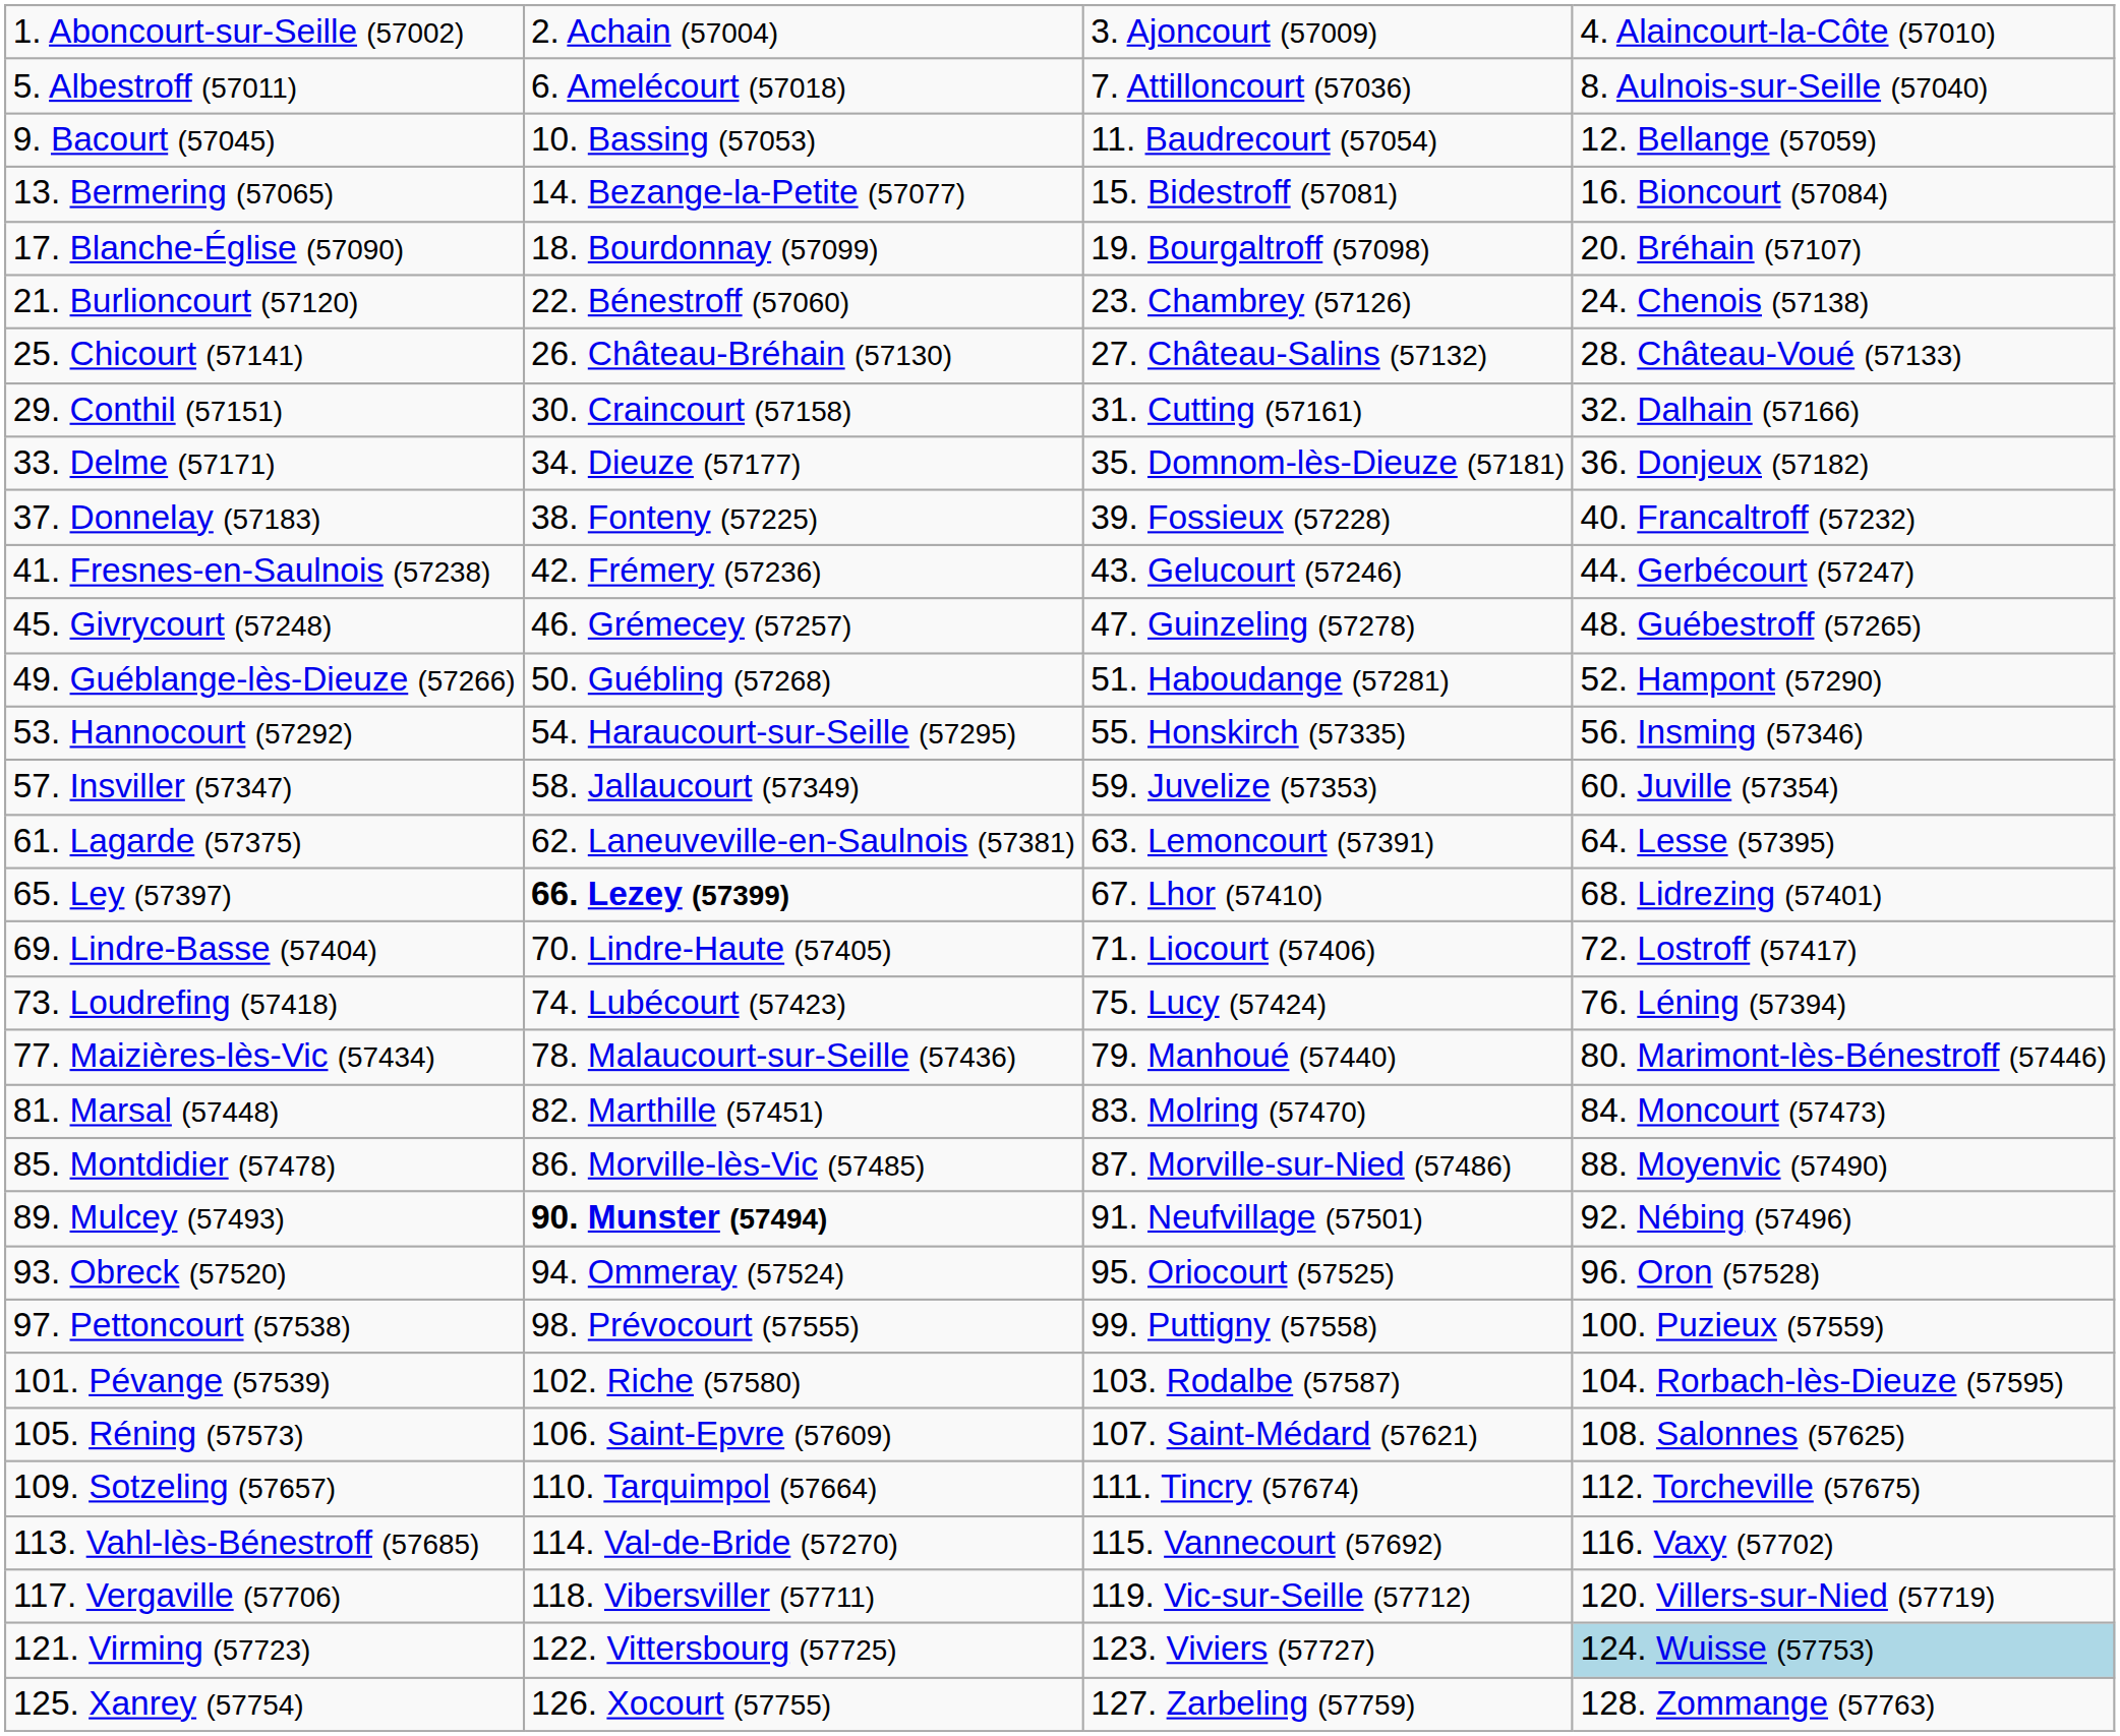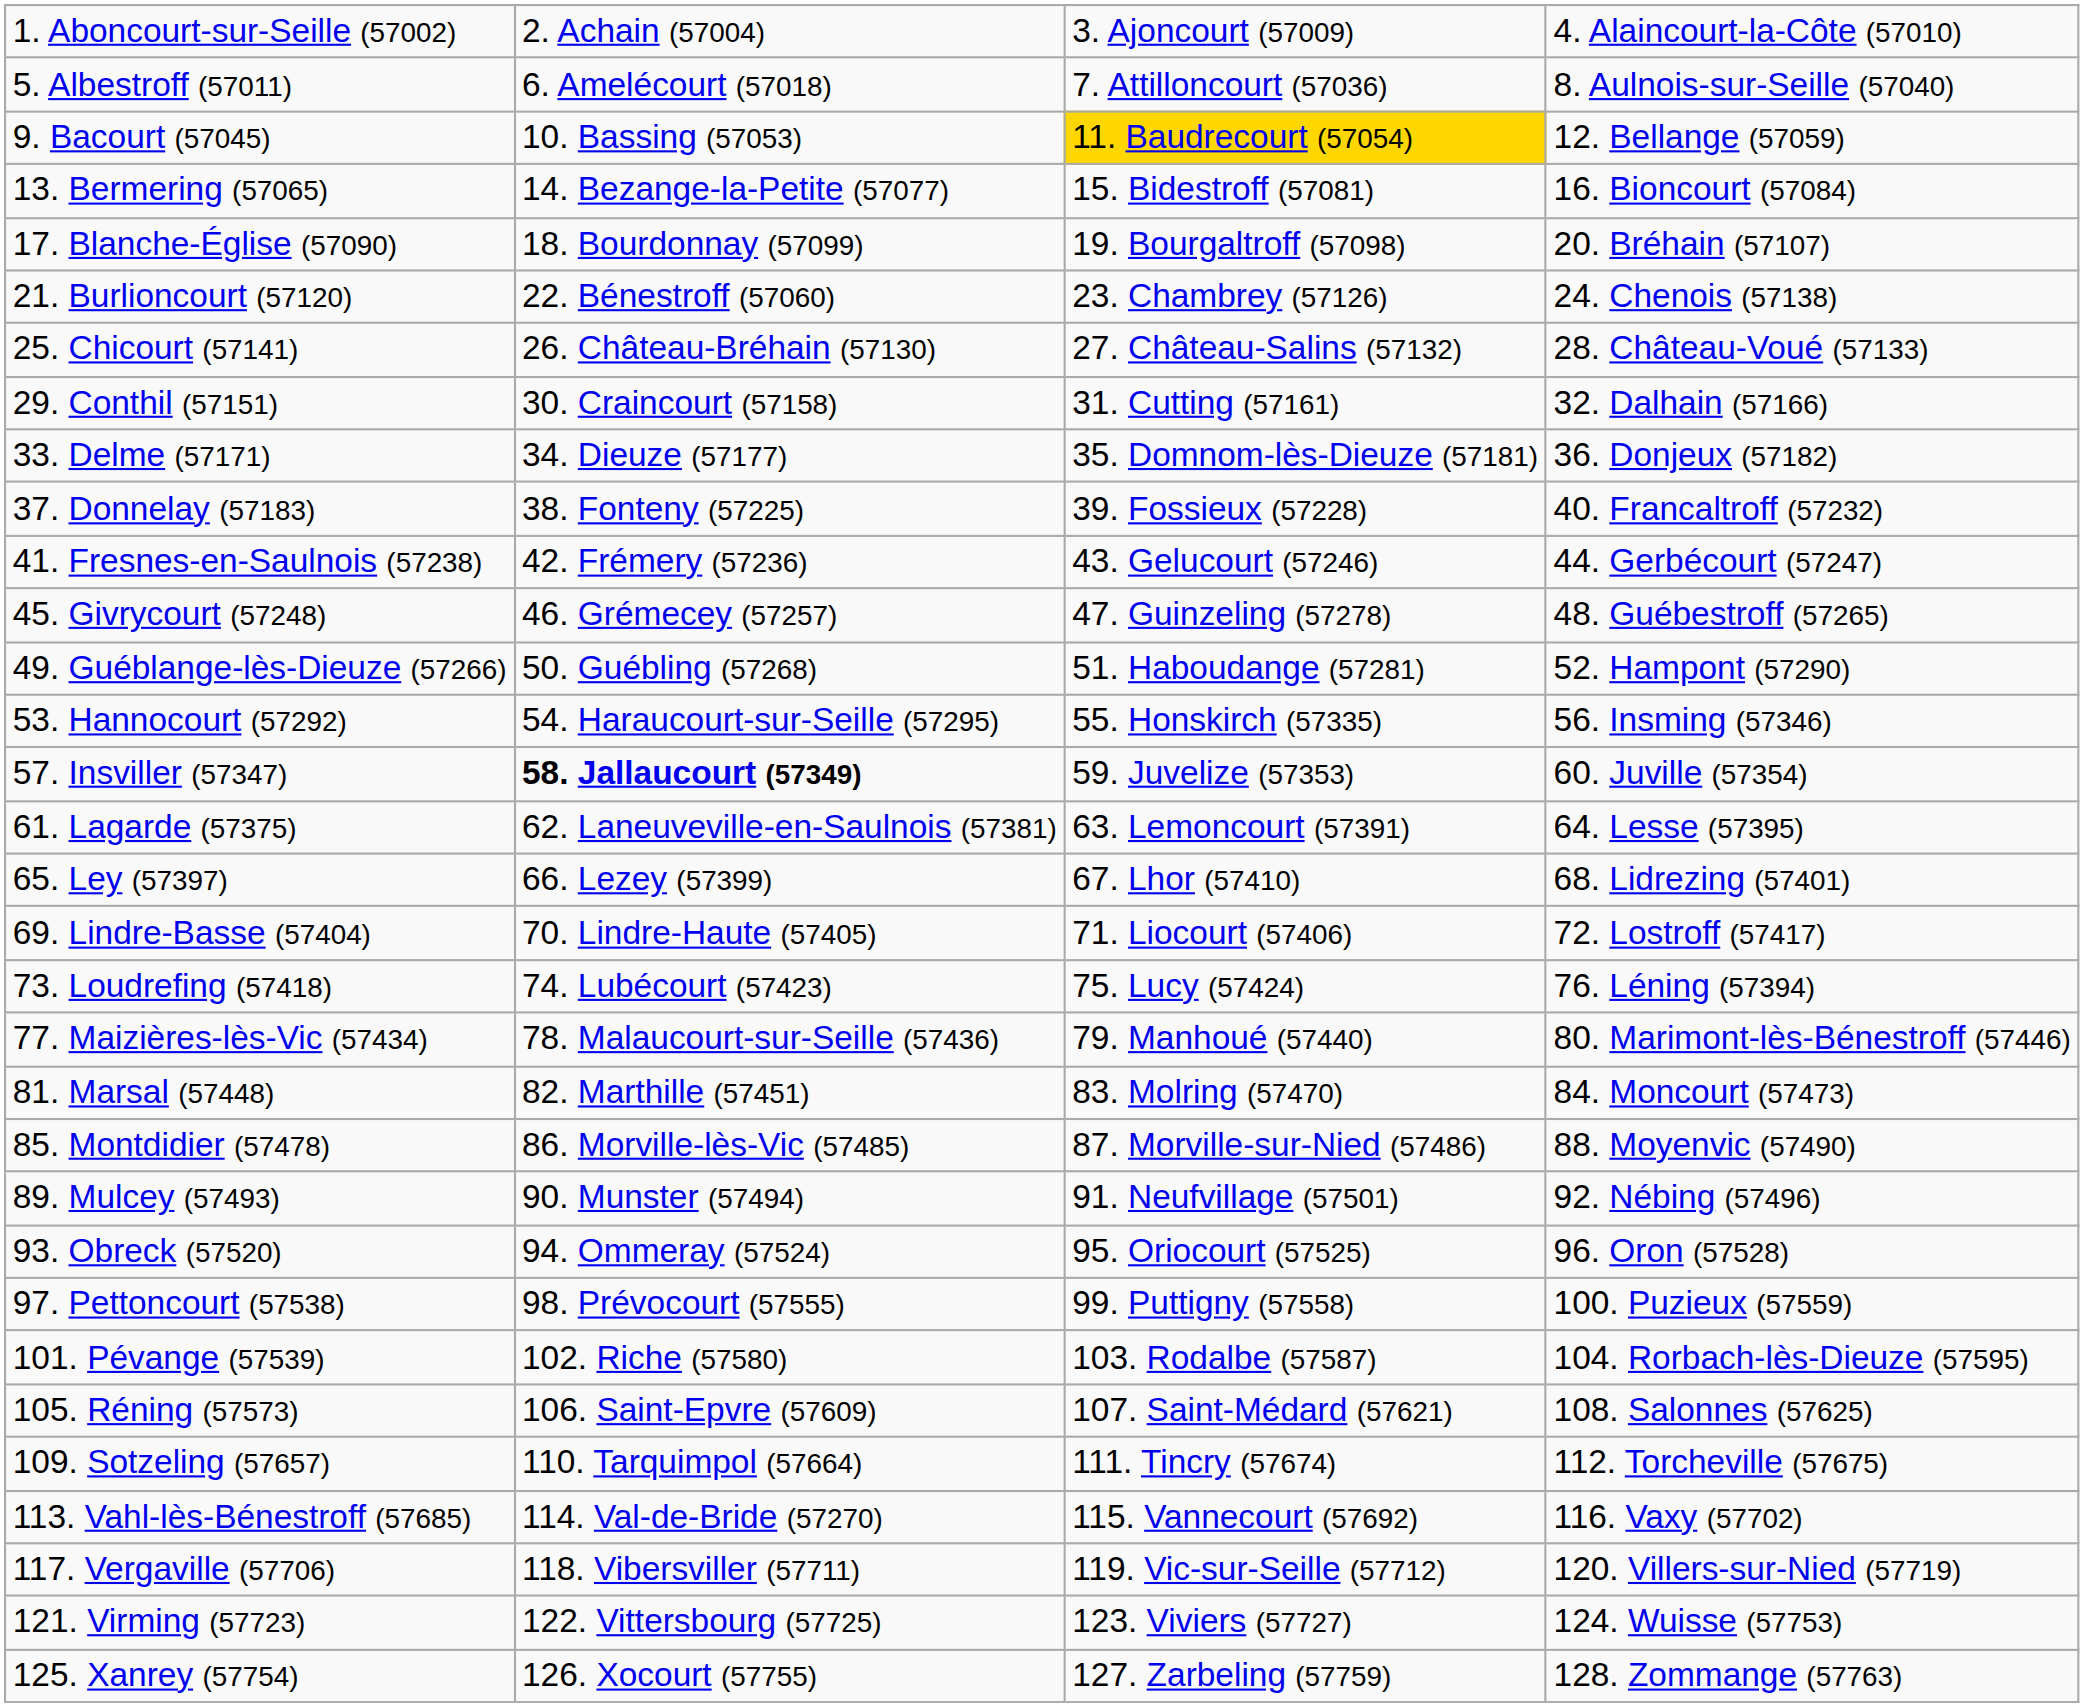 <table class="wikitable">
 <tr>
 <td>1. <a href='#'>Aboncourt-sur-Seille</a> <small>(57002)</small></td>
 <td>2. <a href='#'>Achain</a> <small>(57004)</small></td>
 <td>3. <a href='#'>Ajoncourt</a> <small>(57009)</small></td>
 <td>4. <a href='#'>Alaincourt-la-Côte</a> <small>(57010)</small></td>
 </tr>
 <tr>
 <td>5. <a href='#'>Albestroff</a> <small>(57011)</small></td>
 <td>6. <a href='#'>Amelécourt</a> <small>(57018)</small></td>
 <td>7. <a href='#'>Attilloncourt</a> <small>(57036)</small></td>
 <td>8. <a href='#'>Aulnois-sur-Seille</a> <small>(57040)</small></td>
 </tr>
 <tr>
 <td>9. <a href='#'>Bacourt</a> <small>(57045)</small></td>
 <td>10. <a href='#'>Bassing</a> <small>(57053)</small></td>
-<td>11. <a href='#'>Baudrecourt</a> <small>(57054)</small></td>
+<td style="background: gold;">11. <a href='#'>Baudrecourt</a> <small>(57054)</small></td>
 <td>12. <a href='#'>Bellange</a> <small>(57059)</small></td>
 </tr>
 <tr>
 <td>13. <a href='#'>Bermering</a> <small>(57065)</small></td>
 <td>14. <a href='#'>Bezange-la-Petite</a> <small>(57077)</small></td>
 <td>15. <a href='#'>Bidestroff</a> <small>(57081)</small></td>
 <td>16. <a href='#'>Bioncourt</a> <small>(57084)</small></td>
 </tr>
 <tr>
 <td>17. <a href='#'>Blanche-Église</a> <small>(57090)</small></td>
 <td>18. <a href='#'>Bourdonnay</a> <small>(57099)</small></td>
 <td>19. <a href='#'>Bourgaltroff</a> <small>(57098)</small></td>
 <td>20. <a href='#'>Bréhain</a> <small>(57107)</small></td>
 </tr>
 <tr>
 <td>21. <a href='#'>Burlioncourt</a> <small>(57120)</small></td>
 <td>22. <a href='#'>Bénestroff</a> <small>(57060)</small></td>
 <td>23. <a href='#'>Chambrey</a> <small>(57126)</small></td>
 <td>24. <a href='#'>Chenois</a> <small>(57138)</small></td>
 </tr>
 <tr>
 <td>25. <a href='#'>Chicourt</a> <small>(57141)</small></td>
 <td>26. <a href='#'>Château-Bréhain</a> <small>(57130)</small></td>
 <td>27. <a href='#'>Château-Salins</a> <small>(57132)</small></td>
 <td>28. <a href='#'>Château-Voué</a> <small>(57133)</small></td>
 </tr>
 <tr>
 <td>29. <a href='#'>Conthil</a> <small>(57151)</small></td>
 <td>30. <a href='#'>Craincourt</a> <small>(57158)</small></td>
 <td>31. <a href='#'>Cutting</a> <small>(57161)</small></td>
 <td>32. <a href='#'>Dalhain</a> <small>(57166)</small></td>
 </tr>
 <tr>
 <td>33. <a href='#'>Delme</a> <small>(57171)</small></td>
 <td>34. <a href='#'>Dieuze</a> <small>(57177)</small></td>
 <td>35. <a href='#'>Domnom-lès-Dieuze</a> <small>(57181)</small></td>
 <td>36. <a href='#'>Donjeux</a> <small>(57182)</small></td>
 </tr>
 <tr>
 <td>37. <a href='#'>Donnelay</a> <small>(57183)</small></td>
 <td>38. <a href='#'>Fonteny</a> <small>(57225)</small></td>
 <td>39. <a href='#'>Fossieux</a> <small>(57228)</small></td>
 <td>40. <a href='#'>Francaltroff</a> <small>(57232)</small></td>
 </tr>
 <tr>
 <td>41. <a href='#'>Fresnes-en-Saulnois</a> <small>(57238)</small></td>
 <td>42. <a href='#'>Frémery</a> <small>(57236)</small></td>
 <td>43. <a href='#'>Gelucourt</a> <small>(57246)</small></td>
 <td>44. <a href='#'>Gerbécourt</a> <small>(57247)</small></td>
 </tr>
 <tr>
 <td>45. <a href='#'>Givrycourt</a> <small>(57248)</small></td>
 <td>46. <a href='#'>Grémecey</a> <small>(57257)</small></td>
 <td>47. <a href='#'>Guinzeling</a> <small>(57278)</small></td>
 <td>48. <a href='#'>Guébestroff</a> <small>(57265)</small></td>
 </tr>
 <tr>
 <td>49. <a href='#'>Guéblange-lès-Dieuze</a> <small>(57266)</small></td>
 <td>50. <a href='#'>Guébling</a> <small>(57268)</small></td>
 <td>51. <a href='#'>Haboudange</a> <small>(57281)</small></td>
 <td>52. <a href='#'>Hampont</a> <small>(57290)</small></td>
 </tr>
 <tr>
 <td>53. <a href='#'>Hannocourt</a> <small>(57292)</small></td>
 <td>54. <a href='#'>Haraucourt-sur-Seille</a> <small>(57295)</small></td>
 <td>55. <a href='#'>Honskirch</a> <small>(57335)</small></td>
 <td>56. <a href='#'>Insming</a> <small>(57346)</small></td>
 </tr>
 <tr>
 <td>57. <a href='#'>Insviller</a> <small>(57347)</small></td>
-<td>58. <a href='#'>Jallaucourt</a> <small>(57349)</small></td>
+<td><strong>58. <a href='#'>Jallaucourt</a> <small>(57349)</small></strong></td>
 <td>59. <a href='#'>Juvelize</a> <small>(57353)</small></td>
 <td>60. <a href='#'>Juville</a> <small>(57354)</small></td>
 </tr>
 <tr>
 <td>61. <a href='#'>Lagarde</a> <small>(57375)</small></td>
 <td>62. <a href='#'>Laneuveville-en-Saulnois</a> <small>(57381)</small></td>
 <td>63. <a href='#'>Lemoncourt</a> <small>(57391)</small></td>
 <td>64. <a href='#'>Lesse</a> <small>(57395)</small></td>
 </tr>
 <tr>
 <td>65. <a href='#'>Ley</a> <small>(57397)</small></td>
-<td><strong>66. <a href='#'>Lezey</a> <small>(57399)</small></strong></td>
+<td>66. <a href='#'>Lezey</a> <small>(57399)</small></td>
 <td>67. <a href='#'>Lhor</a> <small>(57410)</small></td>
 <td>68. <a href='#'>Lidrezing</a> <small>(57401)</small></td>
 </tr>
 <tr>
 <td>69. <a href='#'>Lindre-Basse</a> <small>(57404)</small></td>
 <td>70. <a href='#'>Lindre-Haute</a> <small>(57405)</small></td>
 <td>71. <a href='#'>Liocourt</a> <small>(57406)</small></td>
 <td>72. <a href='#'>Lostroff</a> <small>(57417)</small></td>
 </tr>
 <tr>
 <td>73. <a href='#'>Loudrefing</a> <small>(57418)</small></td>
 <td>74. <a href='#'>Lubécourt</a> <small>(57423)</small></td>
 <td>75. <a href='#'>Lucy</a> <small>(57424)</small></td>
 <td>76. <a href='#'>Léning</a> <small>(57394)</small></td>
 </tr>
 <tr>
 <td>77. <a href='#'>Maizières-lès-Vic</a> <small>(57434)</small></td>
 <td>78. <a href='#'>Malaucourt-sur-Seille</a> <small>(57436)</small></td>
 <td>79. <a href='#'>Manhoué</a> <small>(57440)</small></td>
 <td>80. <a href='#'>Marimont-lès-Bénestroff</a> <small>(57446)</small></td>
 </tr>
 <tr>
 <td>81. <a href='#'>Marsal</a> <small>(57448)</small></td>
 <td>82. <a href='#'>Marthille</a> <small>(57451)</small></td>
 <td>83. <a href='#'>Molring</a> <small>(57470)</small></td>
 <td>84. <a href='#'>Moncourt</a> <small>(57473)</small></td>
 </tr>
 <tr>
 <td>85. <a href='#'>Montdidier</a> <small>(57478)</small></td>
 <td>86. <a href='#'>Morville-lès-Vic</a> <small>(57485)</small></td>
 <td>87. <a href='#'>Morville-sur-Nied</a> <small>(57486)</small></td>
 <td>88. <a href='#'>Moyenvic</a> <small>(57490)</small></td>
 </tr>
 <tr>
 <td>89. <a href='#'>Mulcey</a> <small>(57493)</small></td>
-<td><strong>90. <a href='#'>Munster</a> <small>(57494)</small></strong></td>
+<td>90. <a href='#'>Munster</a> <small>(57494)</small></td>
 <td>91. <a href='#'>Neufvillage</a> <small>(57501)</small></td>
 <td>92. <a href='#'>Nébing</a> <small>(57496)</small></td>
 </tr>
 <tr>
 <td>93. <a href='#'>Obreck</a> <small>(57520)</small></td>
 <td>94. <a href='#'>Ommeray</a> <small>(57524)</small></td>
 <td>95. <a href='#'>Oriocourt</a> <small>(57525)</small></td>
 <td>96. <a href='#'>Oron</a> <small>(57528)</small></td>
 </tr>
 <tr>
 <td>97. <a href='#'>Pettoncourt</a> <small>(57538)</small></td>
 <td>98. <a href='#'>Prévocourt</a> <small>(57555)</small></td>
 <td>99. <a href='#'>Puttigny</a> <small>(57558)</small></td>
 <td>100. <a href='#'>Puzieux</a> <small>(57559)</small></td>
 </tr>
 <tr>
 <td>101. <a href='#'>Pévange</a> <small>(57539)</small></td>
 <td>102. <a href='#'>Riche</a> <small>(57580)</small></td>
 <td>103. <a href='#'>Rodalbe</a> <small>(57587)</small></td>
 <td>104. <a href='#'>Rorbach-lès-Dieuze</a> <small>(57595)</small></td>
 </tr>
 <tr>
 <td>105. <a href='#'>Réning</a> <small>(57573)</small></td>
 <td>106. <a href='#'>Saint-Epvre</a> <small>(57609)</small></td>
 <td>107. <a href='#'>Saint-Médard</a> <small>(57621)</small></td>
 <td>108. <a href='#'>Salonnes</a> <small>(57625)</small></td>
 </tr>
 <tr>
 <td>109. <a href='#'>Sotzeling</a> <small>(57657)</small></td>
 <td>110. <a href='#'>Tarquimpol</a> <small>(57664)</small></td>
 <td>111. <a href='#'>Tincry</a> <small>(57674)</small></td>
 <td>112. <a href='#'>Torcheville</a> <small>(57675)</small></td>
 </tr>
 <tr>
 <td>113. <a href='#'>Vahl-lès-Bénestroff</a> <small>(57685)</small></td>
 <td>114. <a href='#'>Val-de-Bride</a> <small>(57270)</small></td>
 <td>115. <a href='#'>Vannecourt</a> <small>(57692)</small></td>
 <td>116. <a href='#'>Vaxy</a> <small>(57702)</small></td>
 </tr>
 <tr>
 <td>117. <a href='#'>Vergaville</a> <small>(57706)</small></td>
 <td>118. <a href='#'>Vibersviller</a> <small>(57711)</small></td>
 <td>119. <a href='#'>Vic-sur-Seille</a> <small>(57712)</small></td>
 <td>120. <a href='#'>Villers-sur-Nied</a> <small>(57719)</small></td>
 </tr>
 <tr>
 <td>121. <a href='#'>Virming</a> <small>(57723)</small></td>
 <td>122. <a href='#'>Vittersbourg</a> <small>(57725)</small></td>
 <td>123. <a href='#'>Viviers</a> <small>(57727)</small></td>
-<td style="background: lightblue;">124. <a href='#'>Wuisse</a> <small>(57753)</small></td>
+<td>124. <a href='#'>Wuisse</a> <small>(57753)</small></td>
 </tr>
 <tr>
 <td>125. <a href='#'>Xanrey</a> <small>(57754)</small></td>
 <td>126. <a href='#'>Xocourt</a> <small>(57755)</small></td>
 <td>127. <a href='#'>Zarbeling</a> <small>(57759)</small></td>
 <td>128. <a href='#'>Zommange</a> <small>(57763)</small></td>
 </tr>
 </table>
